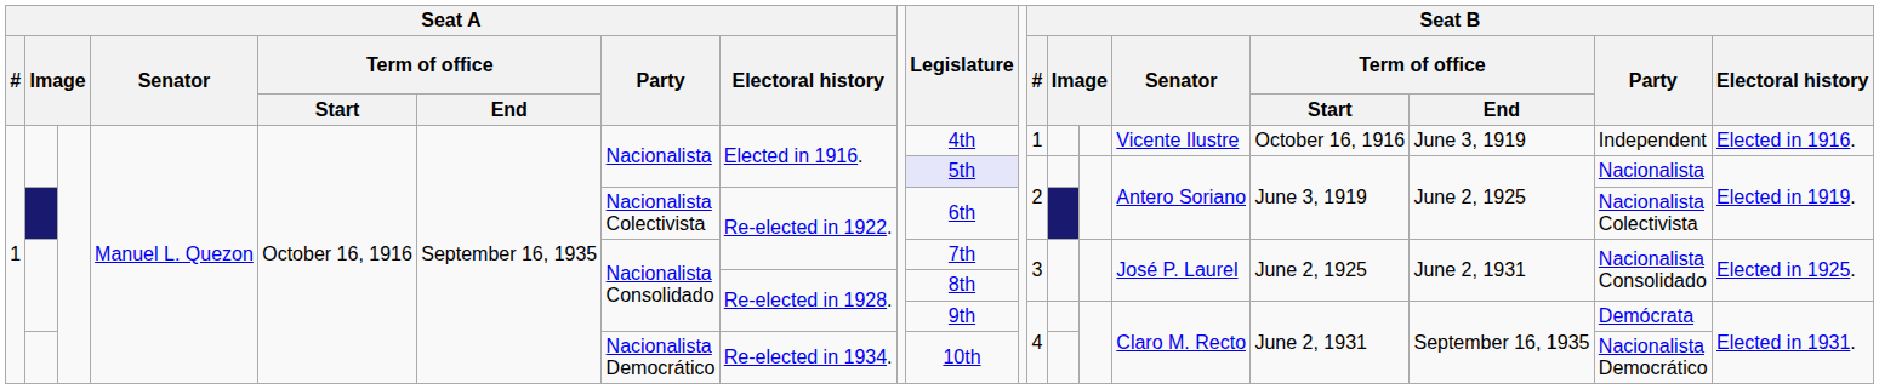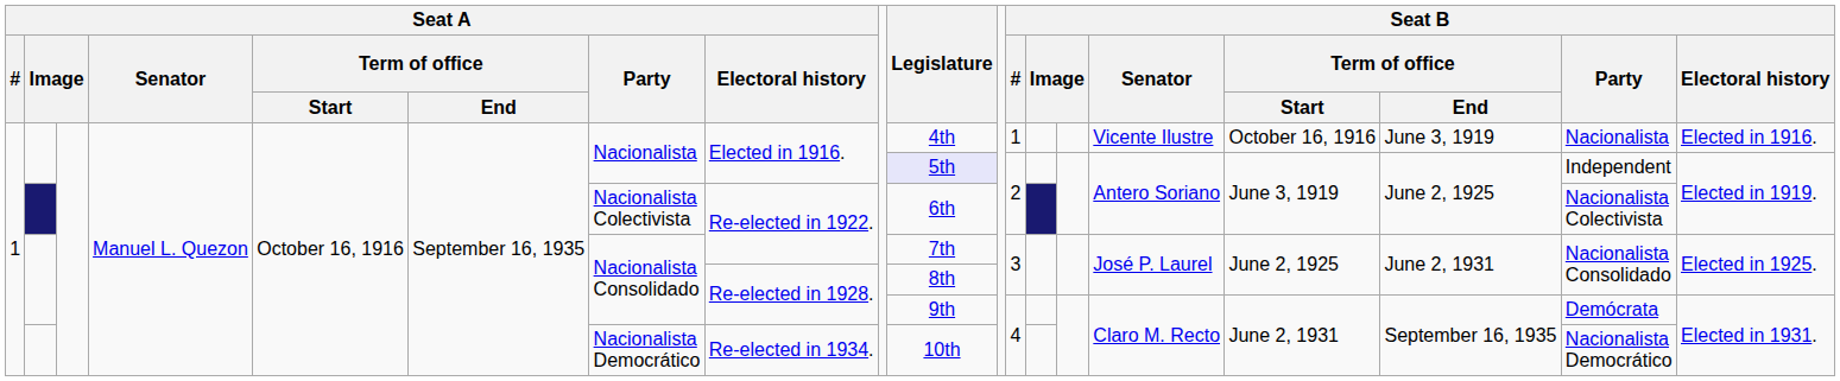 <table class="wikitable">
 <tr>
 <th colspan="8">Seat A</th>
 <td rowspan="99"></td>
 <th rowspan="3">Legislature</th>
 <td rowspan="99"></td>
 <th colspan="8">Seat B</th>
 </tr>
 <tr style="height:3em">
 <th rowspan="2">#</th>
 <th rowspan="2" colspan="2">Image</th>
 <th rowspan="2">Senator</th>
 <th colspan="2">Term of office</th>
 <th rowspan="2">Party</th>
 <th rowspan="2">Electoral history</th>
 <th rowspan="2">#</th>
 <th rowspan="2" colspan="2">Image</th>
 <th rowspan="2">Senator</th>
 <th colspan="2">Term of office</th>
 <th rowspan="2">Party</th>
 <th rowspan="2">Electoral history</th>
 </tr>
 <tr>
 <th>Start</th>
 <th>End</th>
 <th>Start</th>
 <th>End</th>
 </tr>
 <tr>
 <td rowspan="7" style="text-align:center;">1</td>
 <td rowspan="2" style="background:"></td>
 <td rowspan="7"></td>
 <td rowspan="7"><a href='#'>Manuel L. Quezon</a></td>
 <td rowspan="7">October 16, 1916</td>
 <td rowspan="7">September 16, 1935</td>
 <td rowspan="2"><a href='#'>Nacionalista</a></td>
 <td rowspan="2"><a href='#'>Elected in 1916</a>.</td>
 <td style="text-align:center;"><a href='#'>4th</a></td>
 <td style="text-align:center;">1</td>
 <td style="background:"></td>
 <td></td>
 <td><a href='#'>Vicente Ilustre</a></td>
 <td>October 16, 1916</td>
 <td>June 3, 1919</td>
-<td>Independent</td>
+<td><a href='#'>Nacionalista</a></td>
 <td><a href='#'>Elected in 1916</a>.</td>
 </tr>
 <tr>
 <td style="background: lavender; text-align:center;"><a href='#'>5th</a></td>
 <td rowspan="2" style="text-align:center;">2</td>
 <td style="background:"></td>
 <td rowspan="2"></td>
 <td rowspan="2"><a href='#'>Antero Soriano</a></td>
 <td rowspan="2">June 3, 1919</td>
 <td rowspan="2">June 2, 1925</td>
-<td><a href='#'>Nacionalista</a></td>
+<td>Independent</td>
 <td rowspan="2"><a href='#'>Elected in 1919</a>.</td>
 </tr>
 <tr>
 <td style="background-color:#191970"></td>
 <td><a href='#'>Nacionalista</a><br>Colectivista</td>
 <td rowspan="2"><a href='#'>Re-elected in 1922</a>.</td>
 <td style="text-align:center;"><a href='#'>6th</a></td>
 <td style="background-color:#191970"></td>
 <td><a href='#'>Nacionalista</a><br>Colectivista</td>
 </tr>
 <tr>
 <td rowspan="3" style="background:"></td>
 <td rowspan="3"><a href='#'>Nacionalista</a><br>Consolidado</td>
 <td style="text-align:center;"><a href='#'>7th</a></td>
 <td rowspan="2" style="text-align:center;">3</td>
 <td rowspan="2" style="background:"></td>
 <td rowspan="2"></td>
 <td rowspan="2"><a href='#'>José P. Laurel</a></td>
 <td rowspan="2">June 2, 1925</td>
 <td rowspan="2">June 2, 1931</td>
 <td rowspan="2"><a href='#'>Nacionalista</a><br>Consolidado</td>
 <td rowspan="2"><a href='#'>Elected in 1925</a>.</td>
 </tr>
 <tr>
 <td rowspan="2"><a href='#'>Re-elected in 1928</a>.</td>
 <td style="text-align:center;"><a href='#'>8th</a></td>
 </tr>
 <tr>
 <td style="text-align:center;"><a href='#'>9th</a></td>
 <td rowspan="2" style="text-align:center;">4</td>
 <td style="background:"></td>
 <td rowspan="2"></td>
 <td rowspan="2"><a href='#'>Claro M. Recto</a></td>
 <td rowspan="2">June 2, 1931</td>
 <td rowspan="2">September 16, 1935</td>
 <td><a href='#'>Demócrata</a></td>
 <td rowspan="2"><a href='#'>Elected in 1931</a>.</td>
 </tr>
 <tr>
 <td style="background:"></td>
 <td><a href='#'>Nacionalista</a><br>Democrático</td>
 <td><a href='#'>Re-elected in 1934</a>.</td>
 <td style="text-align:center;"><a href='#'>10th</a></td>
 <td style="background:"></td>
 <td><a href='#'>Nacionalista</a><br>Democrático</td>
 </tr>
 </table>
